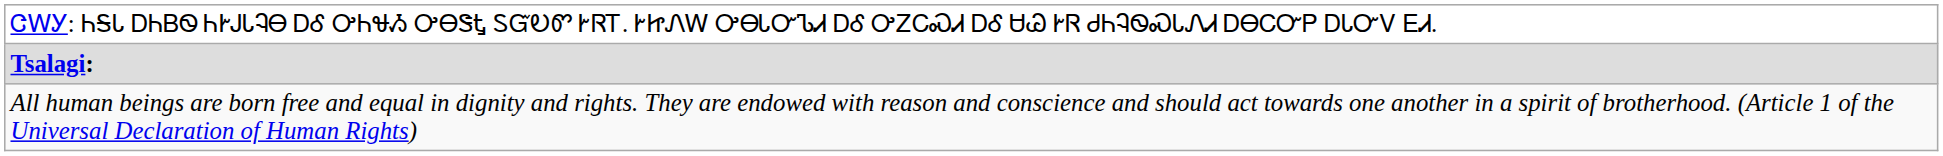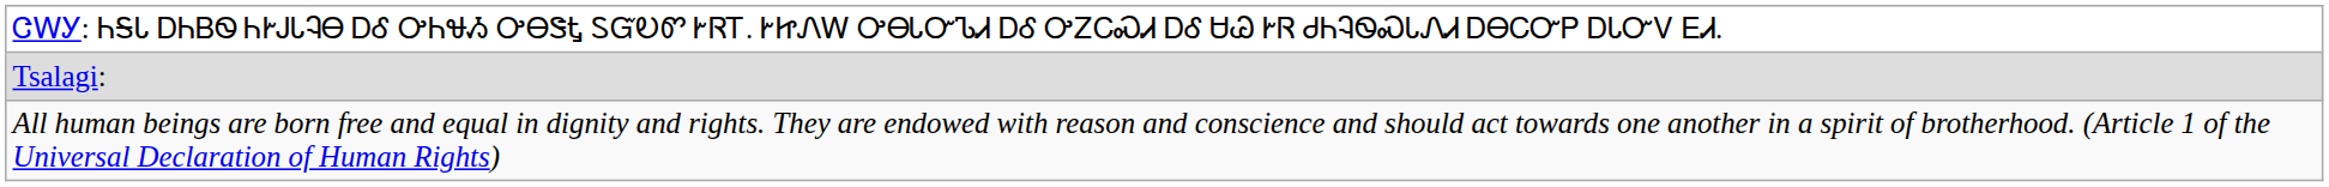 <table class="wikitable">
 <tr>
 <td style="background:#fff;"><a href='#'>ᏣᎳᎩ</a>: ᏂᎦᏓ ᎠᏂᏴᏫ ᏂᎨᎫᏓᎸᎾ ᎠᎴ ᎤᏂᏠᏱ ᎤᎾᏕᎿ ᏚᏳᎧᏛ ᎨᏒᎢ. ᎨᏥᏁᎳ ᎤᎾᏓᏅᏖᏗ ᎠᎴ ᎤᏃᏟᏍᏗ ᎠᎴ ᏌᏊ ᎨᏒ ᏧᏂᎸᏫᏍᏓᏁᏗ ᎠᎾᏟᏅᏢ ᎠᏓᏅᏙ ᎬᏗ.</td>
 </tr>
 <tr>
-<td style="background:#ddd;"><strong><a href='#'>Tsalagi</a>: </strong></td>
+<td style="background:#ddd;"><a href='#'>Tsalagi</a>: </td>
 </tr>
 <tr>
 <td><em>All human beings are born free and equal in dignity and rights. They are endowed with reason and conscience and should act towards one another in a spirit of brotherhood.</em> <em>(Article 1 of the <a href='#'>Universal Declaration of Human Rights</a>)</em></td>
 </tr>
 </table>
